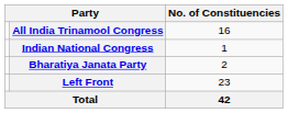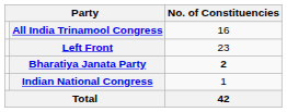 <table class="wikitable" style="text-align:center">
 <tr>
 <th colspan=2>Party</th>
 <th>No. of Constituencies</th>
 </tr>
 <tr>
 <td></td>
 <th><a href='#'>All India Trinamool Congress</a></th>
 <td>16</td>
 </tr>
 <tr>
 <td></td>
-<th><a href='#'>Indian National Congress</a></th>
-<td>1</td>
+<th><a href='#'>Left Front</a></th>
+<td>23</td>
 </tr>
 <tr>
 <td></td>
 <th><a href='#'>Bharatiya Janata Party</a></th>
-<td>2</td>
+<td><strong>2</strong></td>
 </tr>
 <tr>
 <td></td>
-<th><a href='#'>Left Front</a></th>
-<td>23</td>
+<th><a href='#'>Indian National Congress</a></th>
+<td>1</td>
 </tr>
 <tr>
 <th colspan=2>Total</th>
 <th>42</th>
 </tr>
 </table>
